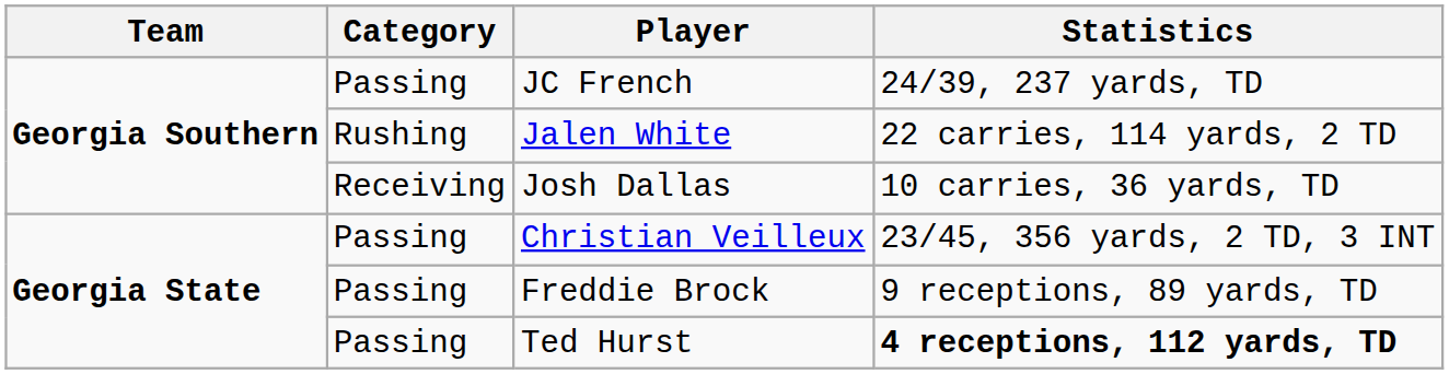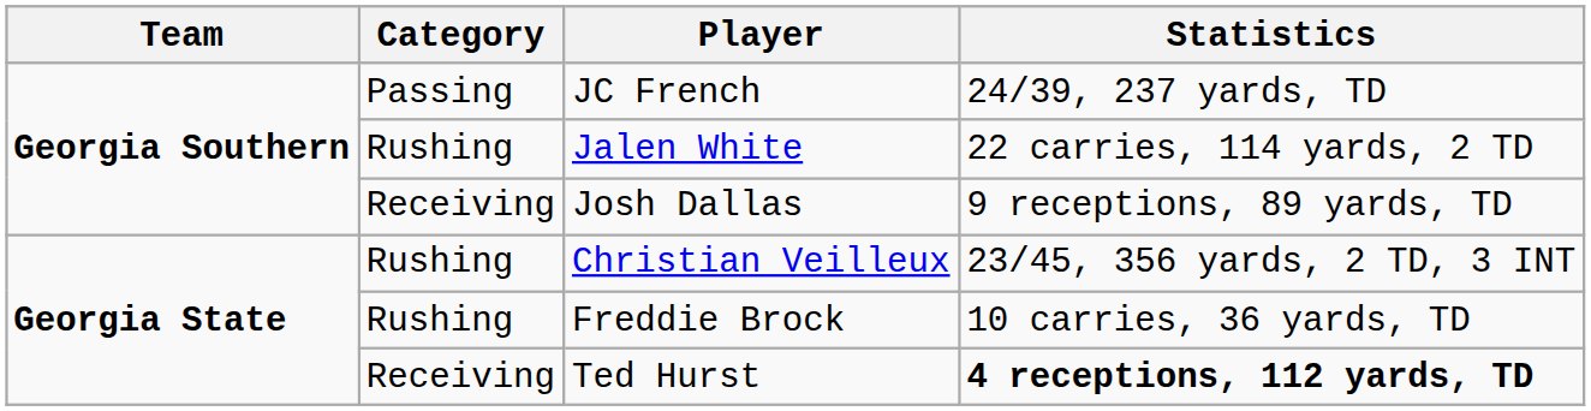 <table class="wikitable" style="float: right;">
 <tr>
 <th>Team</th>
 <th>Category</th>
 <th>Player</th>
 <th>Statistics</th>
 </tr>
 <tr>
 <td rowspan=3><strong>Georgia Southern</strong></td>
 <td>Passing</td>
 <td>JC French</td>
 <td>24/39, 237 yards, TD</td>
 </tr>
 <tr>
 <td>Rushing</td>
 <td><a href='#'>Jalen White</a></td>
 <td>22 carries, 114 yards, 2 TD</td>
 </tr>
 <tr>
 <td>Receiving</td>
 <td>Josh Dallas</td>
-<td>10 carries, 36 yards, TD</td>
+<td>9 receptions, 89 yards, TD</td>
 </tr>
 <tr>
 <td rowspan=3><strong>Georgia State</strong></td>
-<td>Passing</td>
+<td>Rushing</td>
 <td><a href='#'>Christian Veilleux</a></td>
 <td>23/45, 356 yards, 2 TD, 3 INT</td>
 </tr>
 <tr>
-<td>Passing</td>
+<td>Rushing</td>
 <td>Freddie Brock</td>
-<td>9 receptions, 89 yards, TD</td>
+<td>10 carries, 36 yards, TD</td>
 </tr>
 <tr>
-<td>Passing</td>
+<td>Receiving</td>
 <td>Ted Hurst</td>
 <td><strong>4 receptions, 112 yards, TD</strong></td>
 </tr>
 </table>
